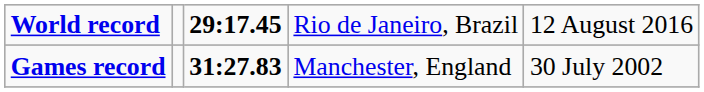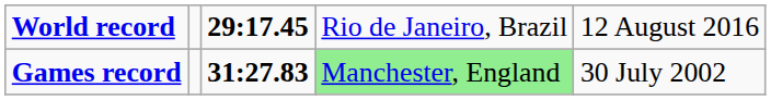 <table class="wikitable">
 <tr>
 <td><a href='#'><strong>World record</strong></a></td>
 <td></td>
 <td><strong>29:17.45</strong></td>
 <td><a href='#'>Rio de Janeiro</a>, Brazil</td>
 <td>12 August 2016</td>
 </tr>
 <tr>
 <td><a href='#'><strong>Games record</strong></a></td>
 <td></td>
 <td><strong>31:27.83</strong></td>
-<td><a href='#'>Manchester</a>, England</td>
+<td style="background: lightgreen;"><a href='#'>Manchester</a>, England</td>
 <td>30 July 2002</td>
 </tr>
 </table>
